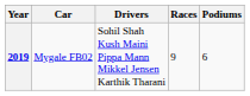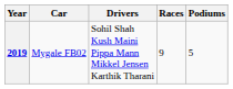 <table class="wikitable" style="font-size: 90%;">
 <tr>
 <th>Year</th>
 <th>Car</th>
 <th>Drivers</th>
 <th>Races</th>
 <th>Podiums</th>
 </tr>
 <tr>
 <th><a href='#'>2019</a></th>
 <td><a href='#'>Mygale FB02</a></td>
 <td> Sohil Shah<br> <a href='#'>Kush Maini</a><br> <a href='#'>Pippa Mann</a><br> <a href='#'>Mikkel Jensen</a><br> Karthik Tharani</td>
 <td>9</td>
-<td>6</td>
+<td>5</td>
 </tr>
 </table>
